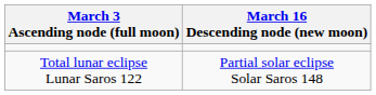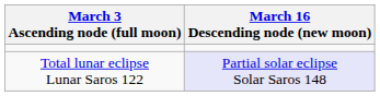 <table class="wikitable">
 <tr>
 <th><a href='#'>March 3</a><br>Ascending node (full moon)</th>
 <th><a href='#'>March 16</a><br>Descending node (new moon)</th>
 </tr>
 <tr>
 <td></td>
 <td></td>
 </tr>
 <tr align=center>
 <td><a href='#'>Total lunar eclipse</a><br>Lunar Saros 122</td>
-<td><a href='#'>Partial solar eclipse</a><br>Solar Saros 148</td>
+<td style="background: lavender;"><a href='#'>Partial solar eclipse</a><br>Solar Saros 148</td>
 </tr>
 </table>
